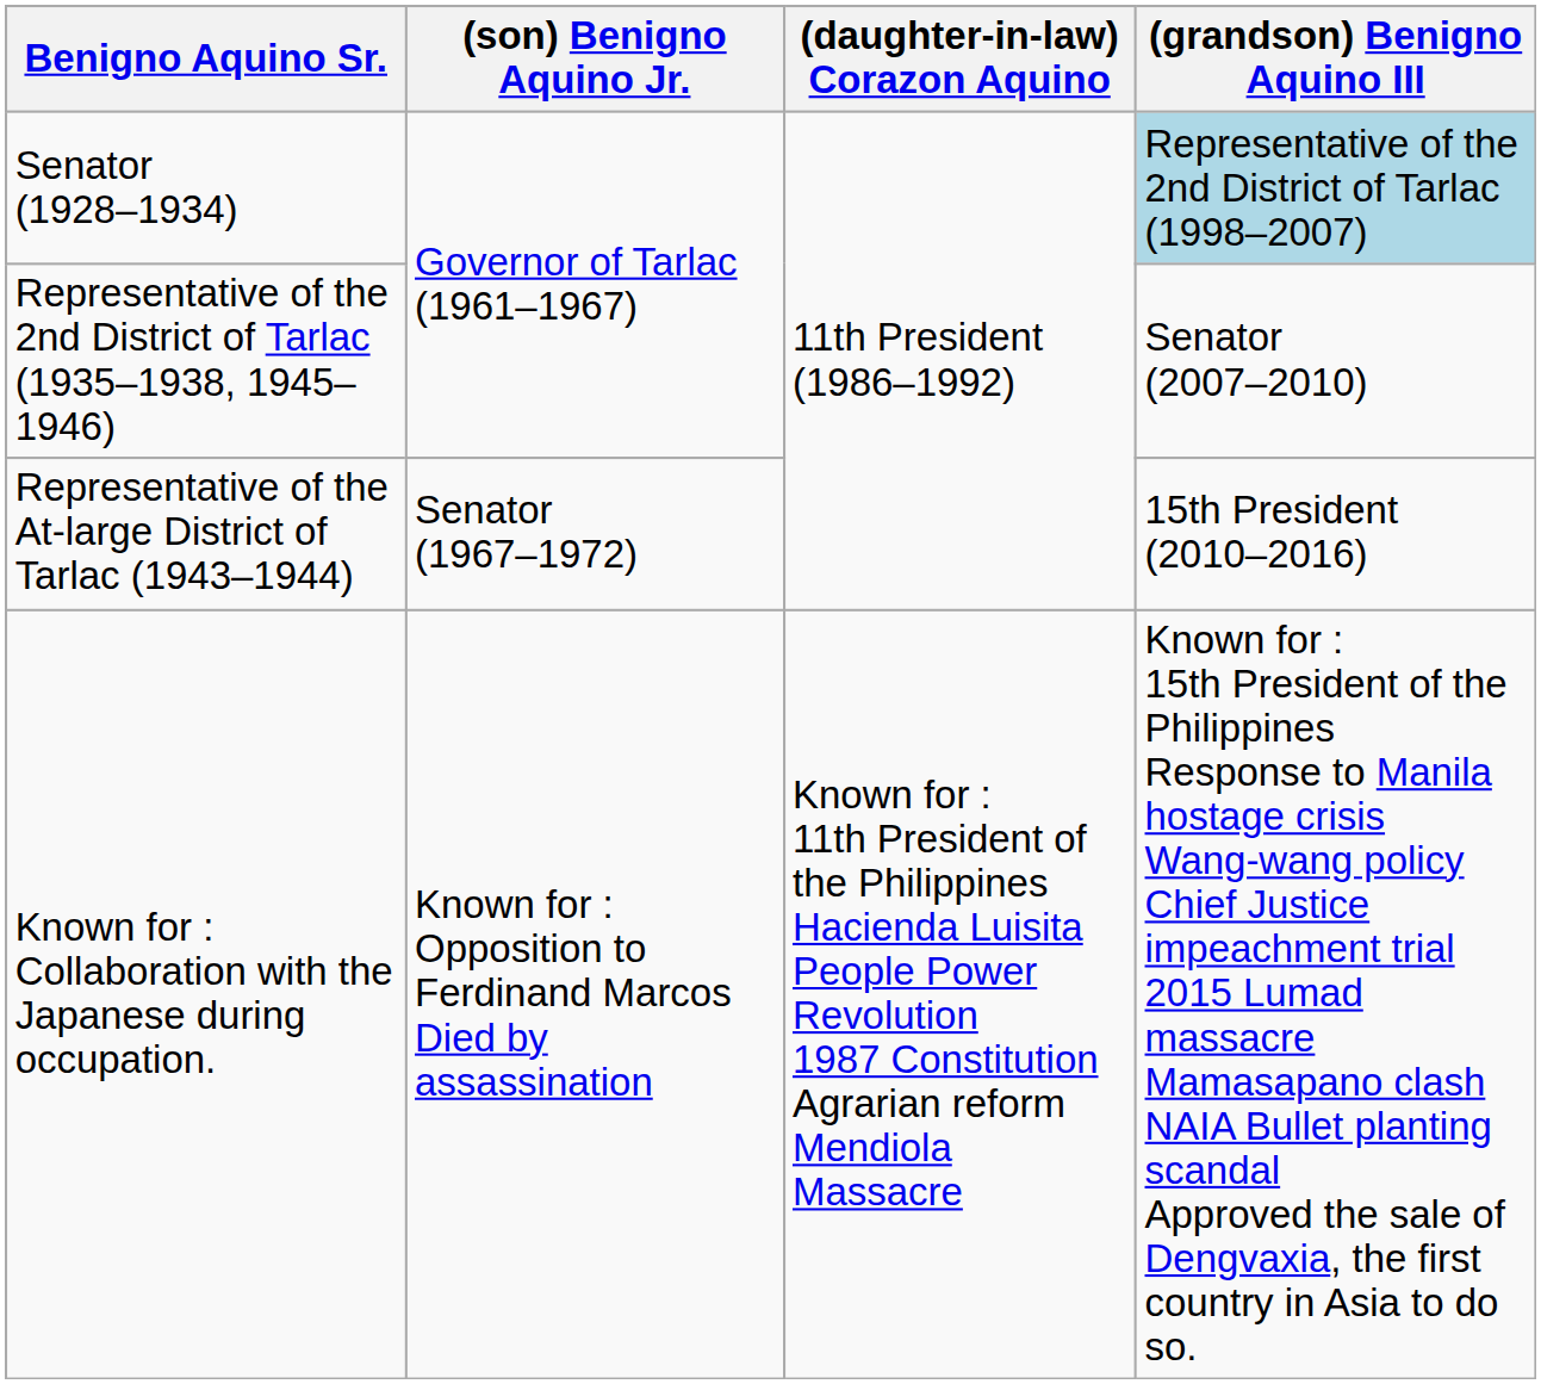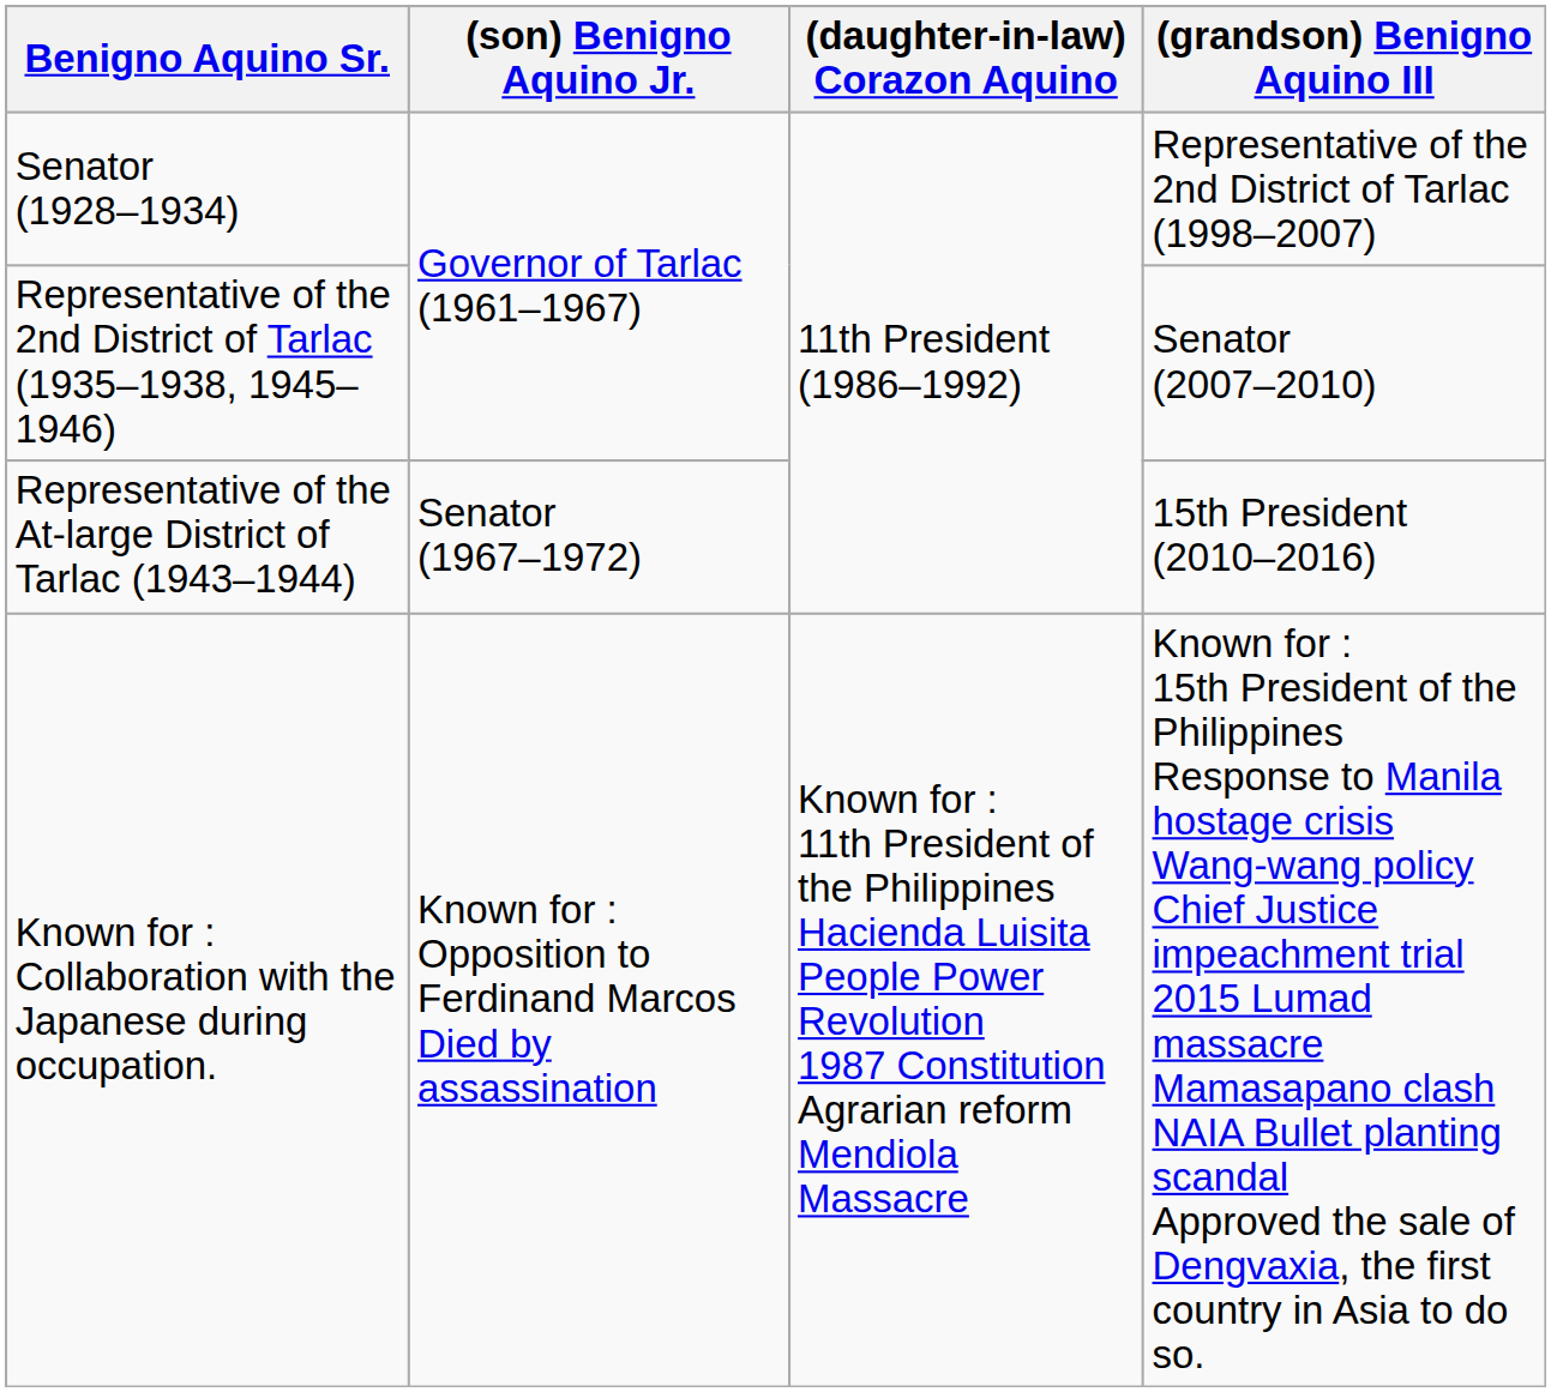 <table class="wikitable" style="margin-left: auto; margin-right: auto; border: none;">
 <tr>
 <th scope="col" style="width: 300pt;"><a href='#'>Benigno Aquino Sr.</a><br></th>
 <th scope="col" style="width: 300pt;">(son) <a href='#'>Benigno Aquino Jr.</a><br></th>
 <th scope="col" style="width: 300pt;">(daughter-in-law) <a href='#'>Corazon Aquino</a><br></th>
 <th scope="col" style="width: 300pt;">(grandson) <a href='#'>Benigno Aquino III</a><br></th>
 </tr>
 <tr>
 <td>Senator<br>(1928–1934)</td>
 <td rowspan="2"><a href='#'>Governor of Tarlac</a><br>(1961–1967)</td>
 <td rowspan="3">11th President<br>(1986–1992)</td>
-<td style="background: lightblue;">Representative of the 2nd District of Tarlac (1998–2007)</td>
+<td>Representative of the 2nd District of Tarlac (1998–2007)</td>
 </tr>
 <tr>
 <td>Representative of the 2nd District of <a href='#'>Tarlac</a> (1935–1938, 1945–1946)</td>
 <td>Senator<br>(2007–2010)</td>
 </tr>
 <tr>
 <td>Representative of the At-large District of Tarlac (1943–1944)</td>
 <td>Senator<br>(1967–1972)</td>
 <td>15th President<br>(2010–2016)</td>
 </tr>
 <tr>
 <td>Known for :<br>Collaboration with the Japanese during occupation.</td>
 <td>Known for :<br>Opposition to Ferdinand Marcos<br><a href='#'>Died by assassination</a></td>
 <td>Known for :<br>11th President of the Philippines <a href='#'>Hacienda Luisita</a><br><a href='#'>People Power Revolution</a><br><a href='#'>1987 Constitution</a><br>Agrarian reform<br><a href='#'>Mendiola Massacre</a></td>
 <td>Known for :<br>15th President of the Philippines<br>Response to <a href='#'>Manila hostage crisis</a><br><a href='#'>Wang-wang policy</a><br><a href='#'>Chief Justice impeachment trial</a><br><a href='#'>2015 Lumad massacre</a><br><a href='#'>Mamasapano clash</a><br><a href='#'>NAIA Bullet planting scandal</a><br>Approved the sale of <a href='#'>Dengvaxia</a>, the first country in Asia to do so.</td>
 </tr>
 </table>
